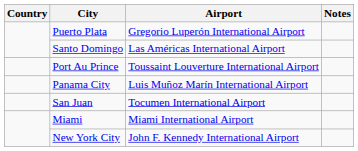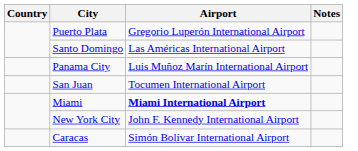 <table class="sortable wikitable">
 <tr>
 <th>Country</th>
 <th>City</th>
 <th>Airport</th>
 <th>Notes</th>
 </tr>
 <tr>
 <td rowspan=2></td>
 <td><a href='#'>Puerto Plata</a></td>
 <td><a href='#'>Gregorio Luperón International Airport</a></td>
 <td align=center></td>
 </tr>
 <tr>
 <td><a href='#'>Santo Domingo</a></td>
 <td><a href='#'>Las Américas International Airport</a></td>
 <td></td>
 </tr>
 <tr>
 <td></td>
-<td><a href='#'>Port Au Prince</a></td>
-<td><a href='#'>Toussaint Louverture International Airport</a></td>
-<td align=center></td>
-</tr>
-<tr>
-<td></td>
 <td><a href='#'>Panama City</a></td>
 <td><a href='#'>Luis Muñoz Marín International Airport</a></td>
 <td align=center></td>
 </tr>
 <tr>
 <td></td>
 <td><a href='#'>San Juan</a></td>
 <td><a href='#'>Tocumen International Airport</a></td>
 <td align=center></td>
 </tr>
 <tr>
 <td rowspan=2></td>
 <td><a href='#'>Miami</a></td>
-<td><a href='#'>Miami International Airport</a></td>
+<td><strong><a href='#'>Miami International Airport</a></strong></td>
 <td></td>
 </tr>
 <tr>
 <td><a href='#'>New York City</a></td>
 <td><a href='#'>John F. Kennedy International Airport</a></td>
 <td></td>
 </tr>
+<tr>
+<td></td>
+<td><a href='#'>Caracas</a></td>
+<td><a href='#'>Simón Bolívar International Airport</a></td>
+<td align=center></td>
+</tr>
 </table>
